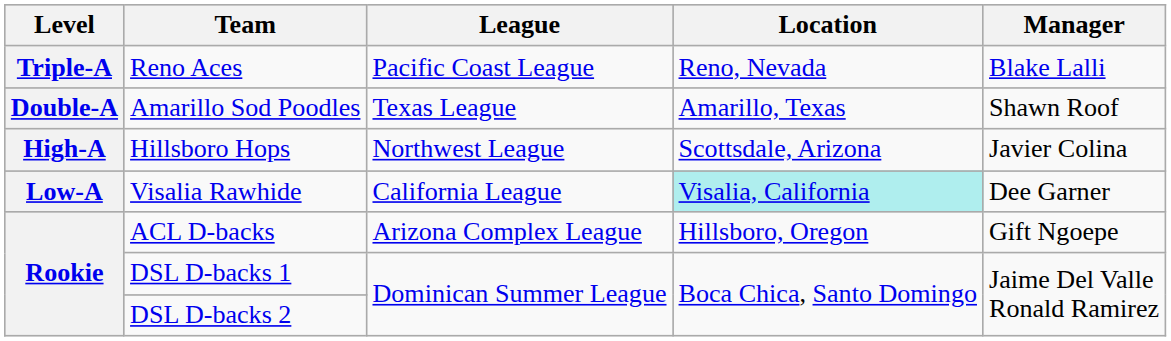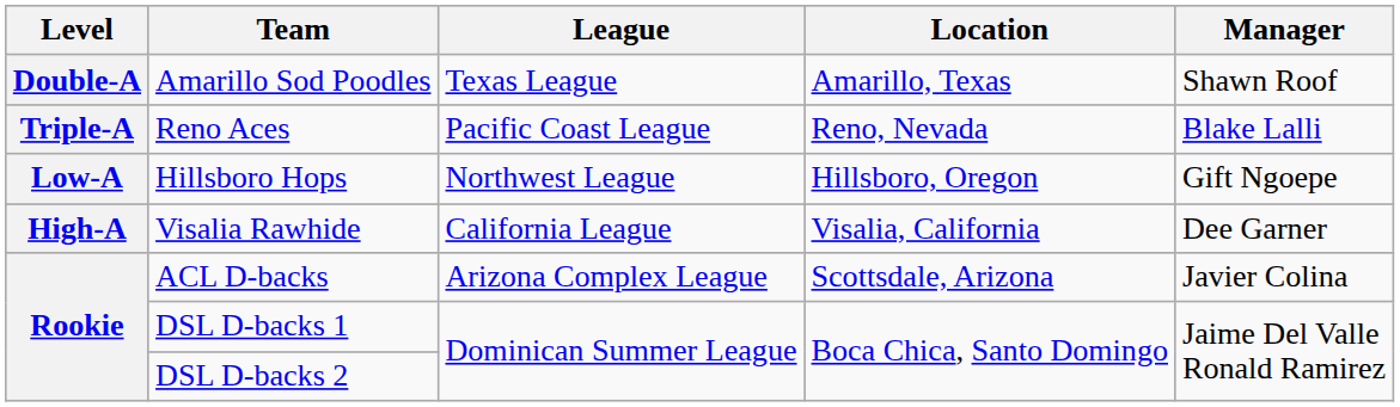 <table class="wikitable plainrowheaders">
 <tr>
 <th scope="col" style="text-align:center; ">Level</th>
 <th scope="col" style="text-align:center; ">Team</th>
 <th scope="col" style="text-align:center; ">League</th>
 <th scope="col" style="text-align:center; ">Location</th>
 <th scope="col" style="text-align:center; ">Manager</th>
 </tr>
 <tr>
+<th scope="row"><a href='#'>Double-A</a></th>
+<td><a href='#'>Amarillo Sod Poodles</a></td>
+<td><a href='#'>Texas League</a></td>
+<td><a href='#'>Amarillo, Texas</a></td>
+<td>Shawn Roof</td>
+</tr>
+<tr>
 <th scope="row"><a href='#'>Triple-A</a></th>
 <td><a href='#'>Reno Aces</a></td>
 <td><a href='#'>Pacific Coast League</a></td>
 <td><a href='#'>Reno, Nevada</a></td>
 <td><a href='#'>Blake Lalli</a></td>
 </tr>
 <tr>
-<th scope="row"><a href='#'>Double-A</a></th>
-<td><a href='#'>Amarillo Sod Poodles</a></td>
-<td><a href='#'>Texas League</a></td>
-<td><a href='#'>Amarillo, Texas</a></td>
-<td>Shawn Roof</td>
+<th scope="row"><a href='#'>Low-A</a></th>
+<td><a href='#'>Hillsboro Hops</a></td>
+<td><a href='#'>Northwest League</a></td>
+<td><a href='#'>Hillsboro, Oregon</a></td>
+<td>Gift Ngoepe</td>
 </tr>
 <tr>
 <th scope="row"><a href='#'>High-A</a></th>
-<td><a href='#'>Hillsboro Hops</a></td>
-<td><a href='#'>Northwest League</a></td>
-<td><a href='#'>Scottsdale, Arizona</a></td>
-<td>Javier Colina</td>
-</tr>
-<tr>
-<th scope="row"><a href='#'>Low-A</a></th>
 <td><a href='#'>Visalia Rawhide</a></td>
 <td><a href='#'>California League</a></td>
-<td style="background: paleturquoise;"><a href='#'>Visalia, California</a></td>
+<td><a href='#'>Visalia, California</a></td>
 <td>Dee Garner</td>
 </tr>
 <tr>
 <th scope="row" rowspan=4><a href='#'>Rookie</a></th>
 <td><a href='#'>ACL D-backs</a></td>
 <td><a href='#'>Arizona Complex League</a></td>
-<td><a href='#'>Hillsboro, Oregon</a></td>
-<td>Gift Ngoepe</td>
+<td><a href='#'>Scottsdale, Arizona</a></td>
+<td>Javier Colina</td>
 </tr>
 <tr>
 <td><a href='#'>DSL D-backs 1</a></td>
 <td rowspan=2><a href='#'>Dominican Summer League</a></td>
 <td rowspan=2><a href='#'>Boca Chica</a>, <a href='#'>Santo Domingo</a></td>
 <td rowspan="2">Jaime Del Valle<br>Ronald Ramirez</td>
 </tr>
 <tr>
 <td><a href='#'>DSL D-backs 2</a></td>
 </tr>
 </table>
